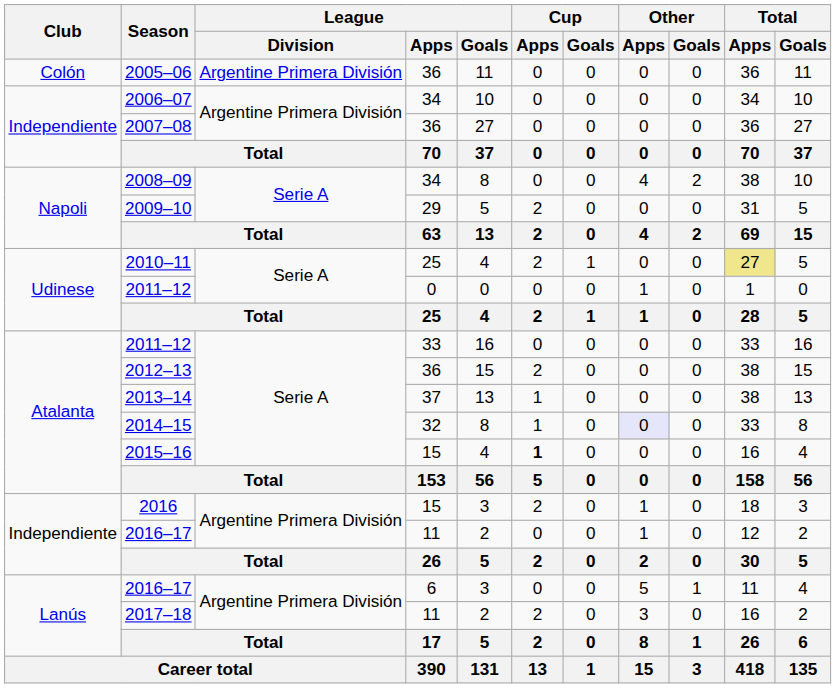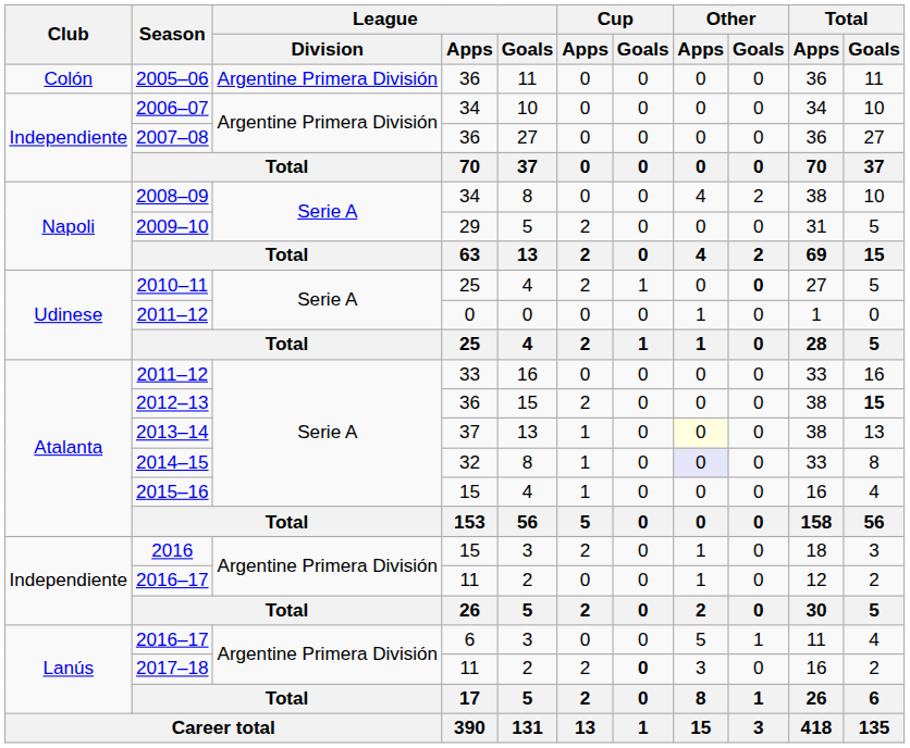 <table class="wikitable" style="text-align: center">
 <tr>
 <th rowspan="2">Club</th>
 <th rowspan="2">Season</th>
 <th colspan="3">League</th>
 <th colspan="2">Cup</th>
 <th colspan="2">Other</th>
 <th colspan="2">Total</th>
 </tr>
 <tr>
 <th>Division</th>
 <th>Apps</th>
 <th>Goals</th>
 <th>Apps</th>
 <th>Goals</th>
 <th>Apps</th>
 <th>Goals</th>
 <th>Apps</th>
 <th>Goals</th>
 </tr>
 <tr>
 <td><a href='#'>Colón</a></td>
 <td><a href='#'>2005–06</a></td>
 <td><a href='#'>Argentine Primera División</a></td>
 <td>36</td>
 <td>11</td>
 <td>0</td>
 <td>0</td>
 <td>0</td>
 <td>0</td>
 <td>36</td>
 <td>11</td>
 </tr>
 <tr>
 <td rowspan="3"><a href='#'>Independiente</a></td>
 <td><a href='#'>2006–07</a></td>
 <td rowspan="2">Argentine Primera División</td>
 <td>34</td>
 <td>10</td>
 <td>0</td>
 <td>0</td>
 <td>0</td>
 <td>0</td>
 <td>34</td>
 <td>10</td>
 </tr>
 <tr>
 <td><a href='#'>2007–08</a></td>
 <td>36</td>
 <td>27</td>
 <td>0</td>
 <td>0</td>
 <td>0</td>
 <td>0</td>
 <td>36</td>
 <td>27</td>
 </tr>
 <tr>
 <th colspan="2">Total</th>
 <th>70</th>
 <th>37</th>
 <th>0</th>
 <th>0</th>
 <th>0</th>
 <th>0</th>
 <th>70</th>
 <th>37</th>
 </tr>
 <tr>
 <td rowspan="3"><a href='#'>Napoli</a></td>
 <td><a href='#'>2008–09</a></td>
 <td rowspan="2"><a href='#'>Serie A</a></td>
 <td>34</td>
 <td>8</td>
 <td>0</td>
 <td>0</td>
 <td>4</td>
 <td>2</td>
 <td>38</td>
 <td>10</td>
 </tr>
 <tr>
 <td><a href='#'>2009–10</a></td>
 <td>29</td>
 <td>5</td>
 <td>2</td>
 <td>0</td>
 <td>0</td>
 <td>0</td>
 <td>31</td>
 <td>5</td>
 </tr>
 <tr>
 <th colspan="2">Total</th>
 <th>63</th>
 <th>13</th>
 <th>2</th>
 <th>0</th>
 <th>4</th>
 <th>2</th>
 <th>69</th>
 <th>15</th>
 </tr>
 <tr>
 <td rowspan="3"><a href='#'>Udinese</a></td>
 <td><a href='#'>2010–11</a></td>
 <td rowspan="2">Serie A</td>
 <td>25</td>
 <td>4</td>
 <td>2</td>
 <td>1</td>
 <td>0</td>
-<td>0</td>
-<td style="background: khaki;">27</td>
+<td><strong>0</strong></td>
+<td>27</td>
 <td>5</td>
 </tr>
 <tr>
 <td><a href='#'>2011–12</a></td>
 <td>0</td>
 <td>0</td>
 <td>0</td>
 <td>0</td>
 <td>1</td>
 <td>0</td>
 <td>1</td>
 <td>0</td>
 </tr>
 <tr>
 <th colspan="2">Total</th>
 <th>25</th>
 <th>4</th>
 <th>2</th>
 <th>1</th>
 <th>1</th>
 <th>0</th>
 <th>28</th>
 <th>5</th>
 </tr>
 <tr>
 <td rowspan="6"><a href='#'>Atalanta</a></td>
 <td><a href='#'>2011–12</a></td>
 <td rowspan="5">Serie A</td>
 <td>33</td>
 <td>16</td>
 <td>0</td>
 <td>0</td>
 <td>0</td>
 <td>0</td>
 <td>33</td>
 <td>16</td>
 </tr>
 <tr>
 <td><a href='#'>2012–13</a></td>
 <td>36</td>
 <td>15</td>
 <td>2</td>
 <td>0</td>
 <td>0</td>
 <td>0</td>
 <td>38</td>
-<td>15</td>
+<td><strong>15</strong></td>
 </tr>
 <tr>
 <td><a href='#'>2013–14</a></td>
 <td>37</td>
 <td>13</td>
 <td>1</td>
 <td>0</td>
-<td>0</td>
+<td style="background: lightyellow;">0</td>
 <td>0</td>
 <td>38</td>
 <td>13</td>
 </tr>
 <tr>
 <td><a href='#'>2014–15</a></td>
 <td>32</td>
 <td>8</td>
 <td>1</td>
 <td>0</td>
 <td style="background: lavender;">0</td>
 <td>0</td>
 <td>33</td>
 <td>8</td>
 </tr>
 <tr>
 <td><a href='#'>2015–16</a></td>
 <td>15</td>
 <td>4</td>
-<td><strong>1</strong></td>
+<td>1</td>
 <td>0</td>
 <td>0</td>
 <td>0</td>
 <td>16</td>
 <td>4</td>
 </tr>
 <tr>
 <th colspan="2">Total</th>
 <th>153</th>
 <th>56</th>
 <th>5</th>
 <th>0</th>
 <th>0</th>
 <th>0</th>
 <th>158</th>
 <th>56</th>
 </tr>
 <tr>
 <td rowspan="3">Independiente</td>
 <td><a href='#'>2016</a></td>
 <td rowspan="2">Argentine Primera División</td>
 <td>15</td>
 <td>3</td>
 <td>2</td>
 <td>0</td>
 <td>1</td>
 <td>0</td>
 <td>18</td>
 <td>3</td>
 </tr>
 <tr>
 <td><a href='#'>2016–17</a></td>
 <td>11</td>
 <td>2</td>
 <td>0</td>
 <td>0</td>
 <td>1</td>
 <td>0</td>
 <td>12</td>
 <td>2</td>
 </tr>
 <tr>
 <th colspan="2">Total</th>
 <th>26</th>
 <th>5</th>
 <th>2</th>
 <th>0</th>
 <th>2</th>
 <th>0</th>
 <th>30</th>
 <th>5</th>
 </tr>
 <tr>
 <td rowspan="3"><a href='#'>Lanús</a></td>
 <td><a href='#'>2016–17</a></td>
 <td rowspan="2">Argentine Primera División</td>
 <td>6</td>
 <td>3</td>
 <td>0</td>
 <td>0</td>
 <td>5</td>
 <td>1</td>
 <td>11</td>
 <td>4</td>
 </tr>
 <tr>
 <td><a href='#'>2017–18</a></td>
 <td>11</td>
 <td>2</td>
 <td>2</td>
-<td>0</td>
+<td><strong>0</strong></td>
 <td>3</td>
 <td>0</td>
 <td>16</td>
 <td>2</td>
 </tr>
 <tr>
 <th colspan="2">Total</th>
 <th>17</th>
 <th>5</th>
 <th>2</th>
 <th>0</th>
 <th>8</th>
 <th>1</th>
 <th>26</th>
 <th>6</th>
 </tr>
 <tr>
 <th colspan="3">Career total</th>
 <th>390</th>
 <th>131</th>
 <th>13</th>
 <th>1</th>
 <th>15</th>
 <th>3</th>
 <th>418</th>
 <th>135</th>
 </tr>
 </table>
